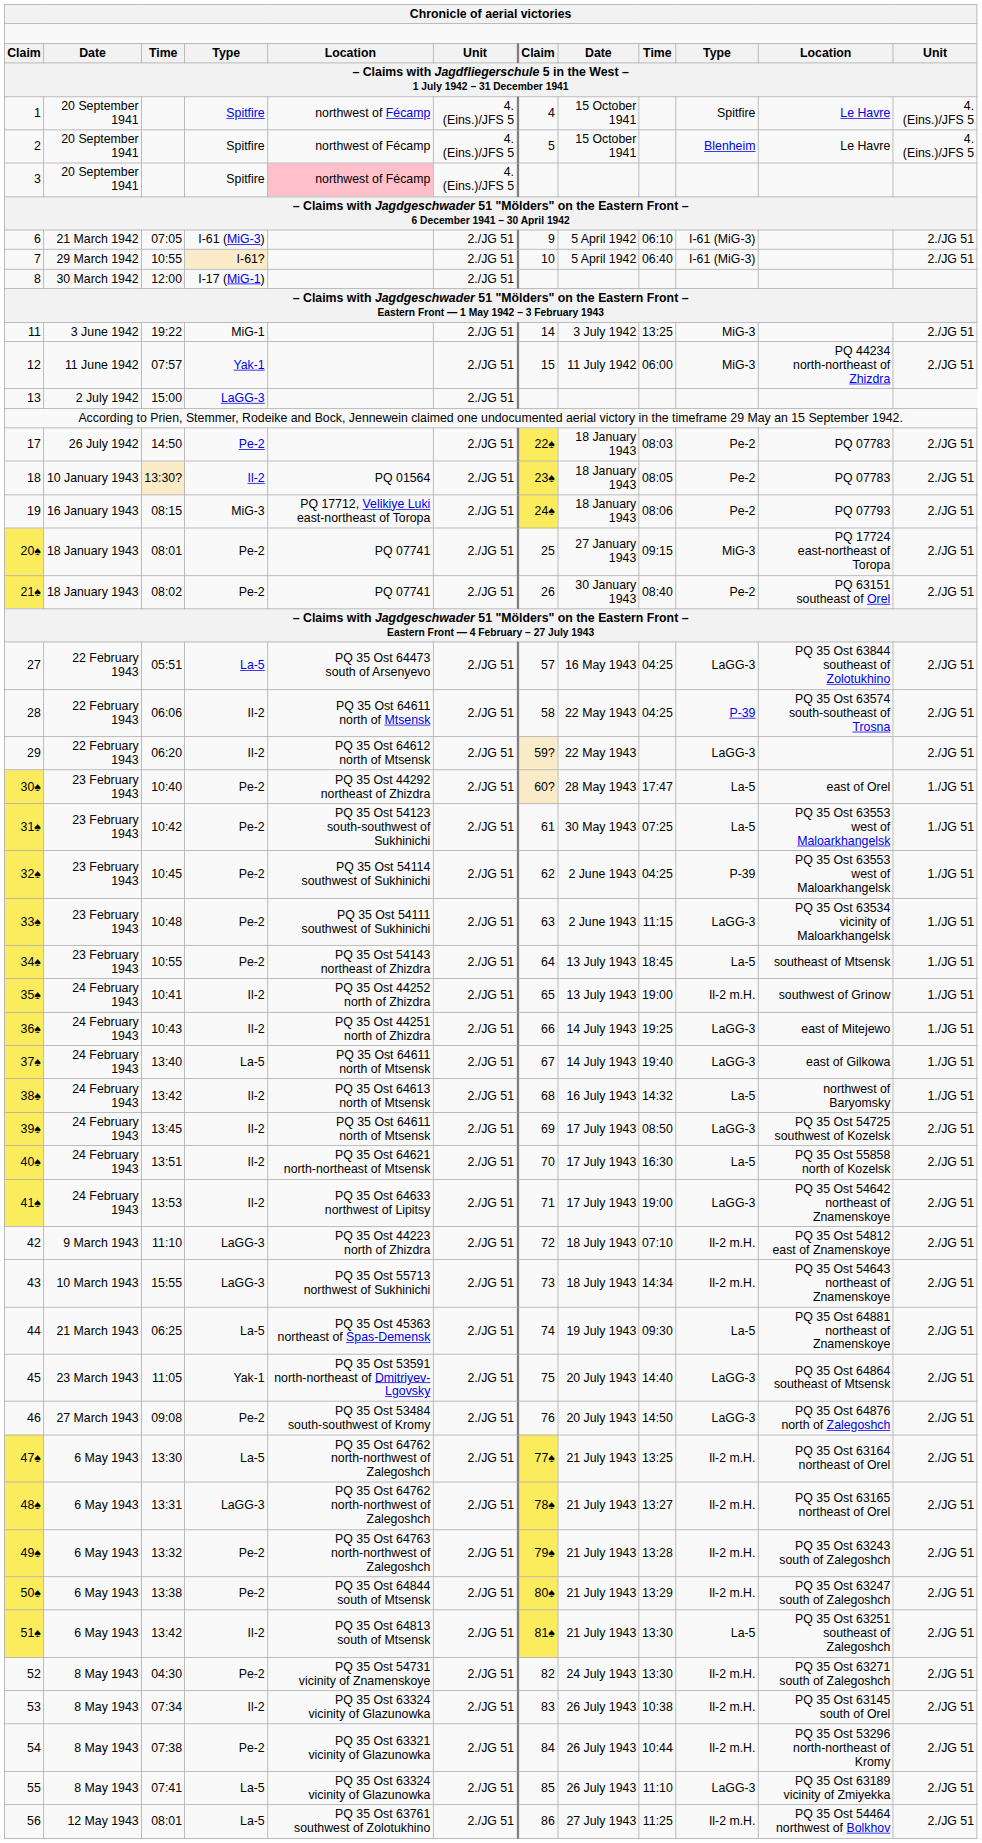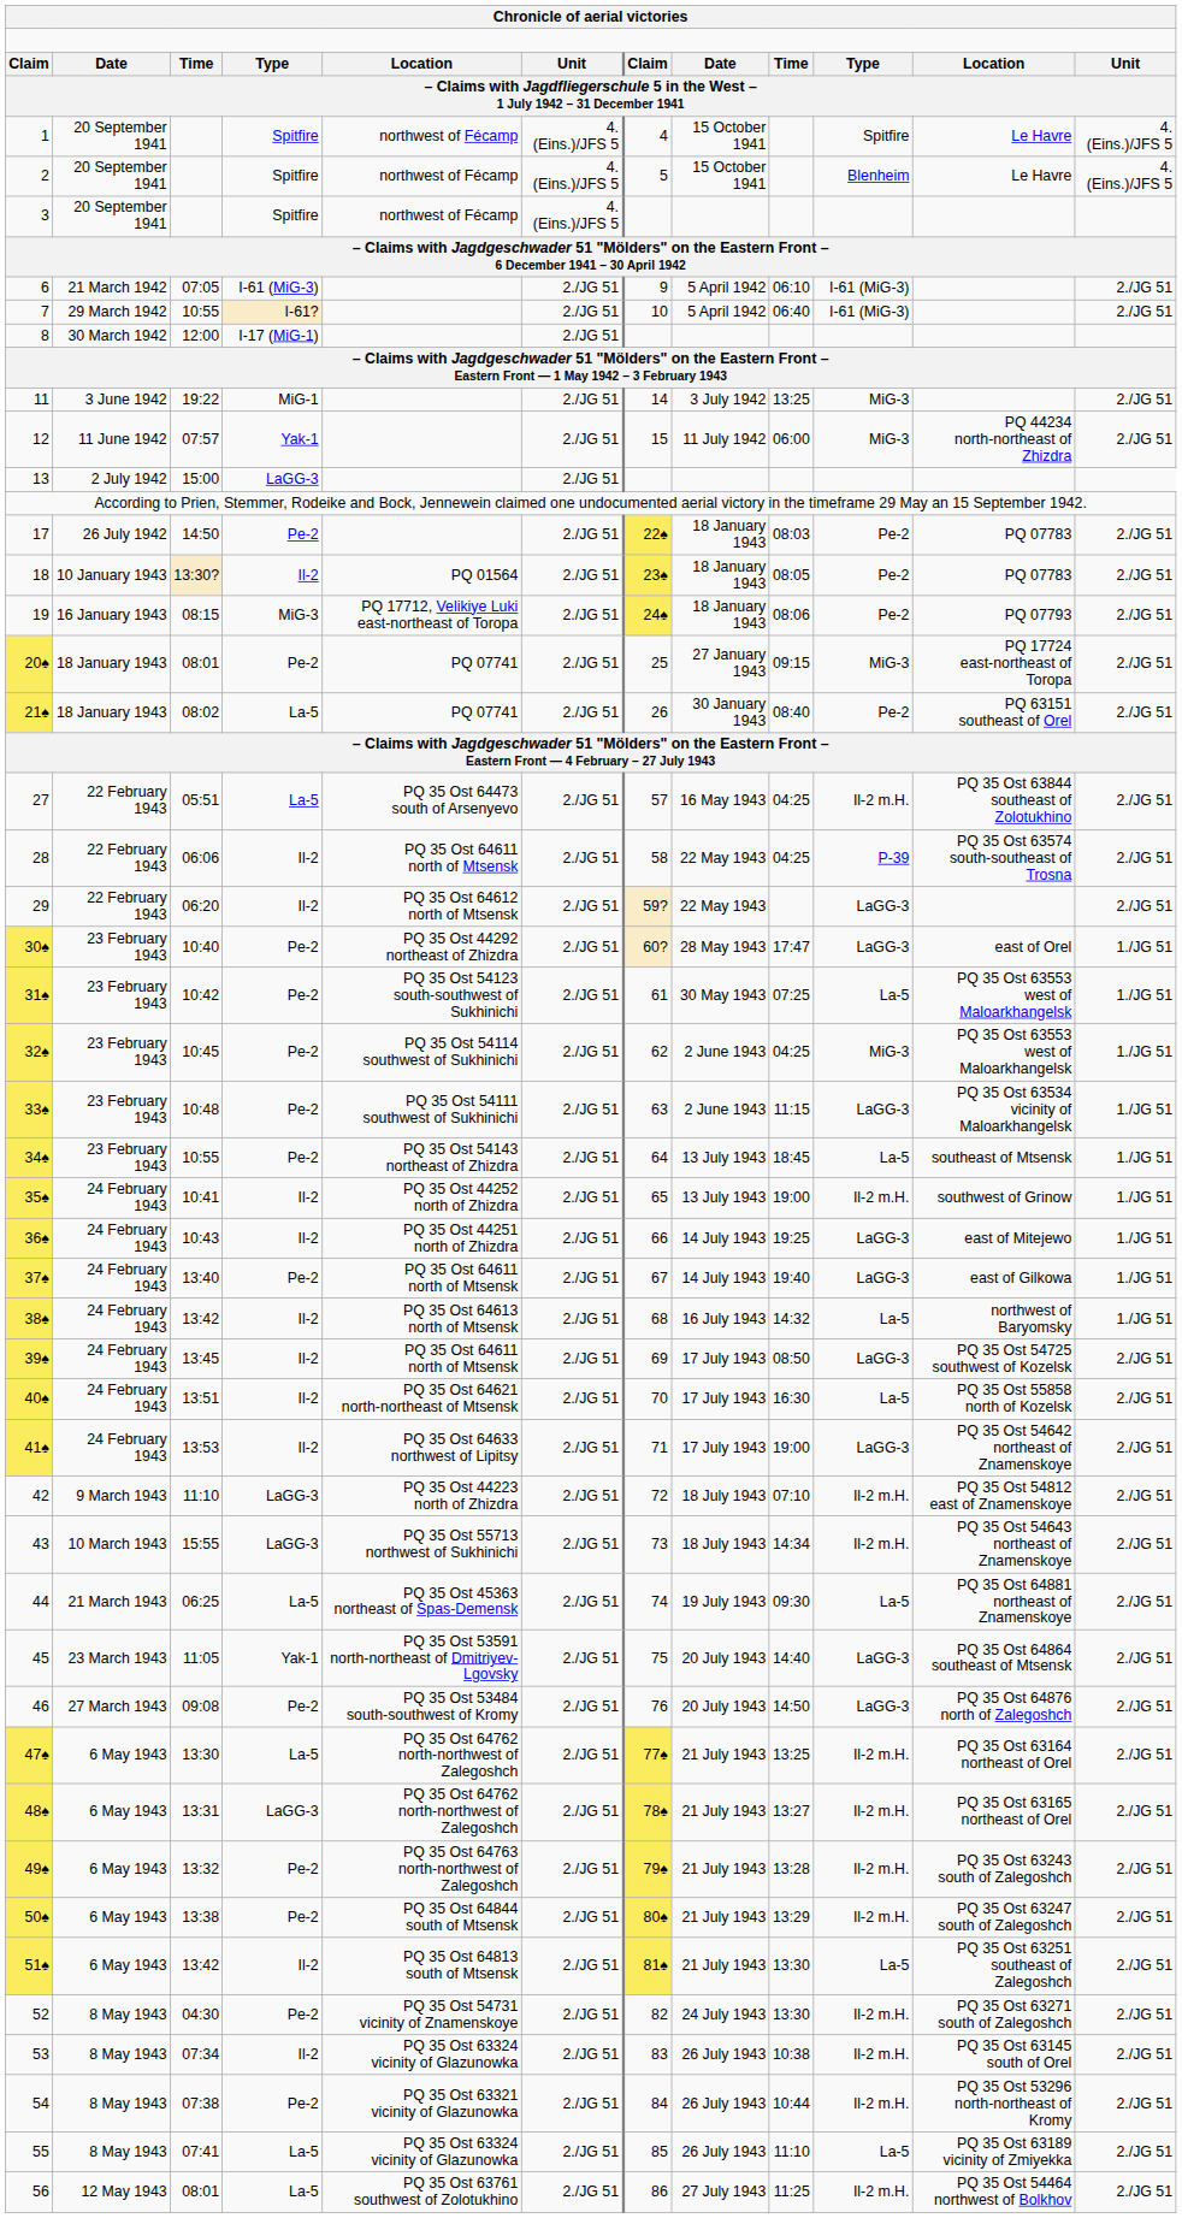 <table class="wikitable plainrowheaders collapsible" style="margin-left: auto; margin-right: auto; border: none; text-align:right; width: 100%;">
 <tr>
 <th colspan="12">Chronicle of aerial victories</th>
 </tr>
 <tr>
 <td colspan="12" style="text-align: left;"><br> </td>
 </tr>
 <tr>
 <th scope="col">Claim</th>
 <th scope="col">Date</th>
 <th scope="col">Time</th>
 <th scope="col" width="100px">Type</th>
 <th scope="col">Location</th>
 <th scope="col">Unit</th>
 <th scope="col" style="border-left: 3px solid grey;">Claim</th>
 <th scope="col">Date</th>
 <th scope="col">Time</th>
 <th scope="col" width="100px">Type</th>
 <th scope="col">Location</th>
 <th scope="col">Unit</th>
 </tr>
 <tr>
 <th colspan="12">– Claims with <em>Jagdfliegerschule</em> 5 in the West –<br><small>1 July 1942 – 31 December 1941</small></th>
 </tr>
 <tr>
 <td>1</td>
 <td>20 September 1941</td>
 <td></td>
 <td><a href='#'>Spitfire</a></td>
 <td>northwest of <a href='#'>Fécamp</a></td>
 <td>4.(Eins.)/JFS 5</td>
 <td style="border-left: 3px solid grey;">4</td>
 <td>15 October 1941</td>
 <td></td>
 <td>Spitfire</td>
 <td><a href='#'>Le Havre</a></td>
 <td>4.(Eins.)/JFS 5</td>
 </tr>
 <tr>
 <td>2</td>
 <td>20 September 1941</td>
 <td></td>
 <td>Spitfire</td>
 <td>northwest of Fécamp</td>
 <td>4.(Eins.)/JFS 5</td>
 <td style="border-left: 3px solid grey;">5</td>
 <td>15 October 1941</td>
 <td></td>
 <td><a href='#'>Blenheim</a></td>
 <td>Le Havre</td>
 <td>4.(Eins.)/JFS 5</td>
 </tr>
 <tr>
 <td>3</td>
 <td>20 September 1941</td>
 <td></td>
 <td>Spitfire</td>
-<td style="background: pink;">northwest of Fécamp</td>
+<td>northwest of Fécamp</td>
 <td>4.(Eins.)/JFS 5</td>
 <td style="border-left: 3px solid grey;"></td>
 <td></td>
 <td></td>
 <td></td>
 <td></td>
 <td></td>
 </tr>
 <tr>
 <th colspan="12">– Claims with <em>Jagdgeschwader</em> 51 "Mölders" on the Eastern Front –<br><small>6 December 1941 – 30 April 1942</small></th>
 </tr>
 <tr>
 <td>6</td>
 <td>21 March 1942</td>
 <td>07:05</td>
 <td>I-61 (<a href='#'>MiG-3</a>)</td>
 <td></td>
 <td>2./JG 51</td>
 <td style="border-left: 3px solid grey;">9</td>
 <td>5 April 1942</td>
 <td>06:10</td>
 <td>I-61 (MiG-3)</td>
 <td></td>
 <td>2./JG 51</td>
 </tr>
 <tr>
 <td>7</td>
 <td>29 March 1942</td>
 <td>10:55</td>
 <td style="background:#faecc8">I-61?</td>
 <td></td>
 <td>2./JG 51</td>
 <td style="border-left: 3px solid grey;">10</td>
 <td>5 April 1942</td>
 <td>06:40</td>
 <td>I-61 (MiG-3)</td>
 <td></td>
 <td>2./JG 51</td>
 </tr>
 <tr>
 <td>8</td>
 <td>30 March 1942</td>
 <td>12:00</td>
 <td>I-17 (<a href='#'>MiG-1</a>)</td>
 <td></td>
 <td>2./JG 51</td>
 <td style="border-left: 3px solid grey;"></td>
 <td></td>
 <td></td>
 <td></td>
 <td></td>
 <td></td>
 </tr>
 <tr>
 <th colspan="12">– Claims with <em>Jagdgeschwader</em> 51 "Mölders" on the Eastern Front –<br><small>Eastern Front — 1 May 1942 – 3 February 1943</small></th>
 </tr>
 <tr>
 <td>11</td>
 <td>3 June 1942</td>
 <td>19:22</td>
 <td>MiG-1</td>
 <td></td>
 <td>2./JG 51</td>
 <td style="border-left: 3px solid grey;">14</td>
 <td>3 July 1942</td>
 <td>13:25</td>
 <td>MiG-3</td>
 <td></td>
 <td>2./JG 51</td>
 </tr>
 <tr>
 <td>12</td>
 <td>11 June 1942</td>
 <td>07:57</td>
 <td><a href='#'>Yak-1</a></td>
 <td></td>
 <td>2./JG 51</td>
 <td style="border-left: 3px solid grey;">15</td>
 <td>11 July 1942</td>
 <td>06:00</td>
 <td>MiG-3</td>
 <td>PQ 44234<br> north-northeast of <a href='#'>Zhizdra</a></td>
 <td>2./JG 51</td>
 </tr>
 <tr>
 <td>13</td>
 <td>2 July 1942</td>
 <td>15:00</td>
 <td><a href='#'>LaGG-3</a></td>
 <td></td>
 <td>2./JG 51</td>
 <td style="border-left: 3px solid grey;"></td>
 <td></td>
 <td></td>
 <td></td>
 <td></td>
 </tr>
 <tr>
 <td colspan="12" style="text-align: center">According to Prien, Stemmer, Rodeike and Bock, Jennewein claimed one undocumented aerial victory in the timeframe 29 May an 15 September 1942.</td>
 </tr>
 <tr>
 <td>17</td>
 <td>26 July 1942</td>
 <td>14:50</td>
 <td><a href='#'>Pe-2</a></td>
 <td></td>
 <td>2./JG 51</td>
 <td style="border-left: 3px solid grey; background:#fbec5d;">22♠</td>
 <td>18 January 1943</td>
 <td>08:03</td>
 <td>Pe-2</td>
 <td>PQ 07783</td>
 <td>2./JG 51</td>
 </tr>
 <tr>
 <td>18</td>
 <td>10 January 1943</td>
 <td style="background:#faecc8">13:30?</td>
 <td><a href='#'>Il-2</a></td>
 <td>PQ 01564</td>
 <td>2./JG 51</td>
 <td style="border-left: 3px solid grey; background:#fbec5d;">23♠</td>
 <td>18 January 1943</td>
 <td>08:05</td>
 <td>Pe-2</td>
 <td>PQ 07783</td>
 <td>2./JG 51</td>
 </tr>
 <tr>
 <td>19</td>
 <td>16 January 1943</td>
 <td>08:15</td>
 <td>MiG-3</td>
 <td>PQ 17712, <a href='#'>Velikiye Luki</a><br> east-northeast of Toropa</td>
 <td>2./JG 51</td>
 <td style="border-left: 3px solid grey; background:#fbec5d;">24♠</td>
 <td>18 January 1943</td>
 <td>08:06</td>
 <td>Pe-2</td>
 <td>PQ 07793</td>
 <td>2./JG 51</td>
 </tr>
 <tr>
 <td style="background:#fbec5d;">20♠</td>
 <td>18 January 1943</td>
 <td>08:01</td>
 <td>Pe-2</td>
 <td>PQ 07741</td>
 <td>2./JG 51</td>
 <td style="border-left: 3px solid grey;">25</td>
 <td>27 January 1943</td>
 <td>09:15</td>
 <td>MiG-3</td>
 <td>PQ 17724<br> east-northeast of Toropa</td>
 <td>2./JG 51</td>
 </tr>
 <tr>
 <td style="background:#fbec5d;">21♠</td>
 <td>18 January 1943</td>
 <td>08:02</td>
-<td>Pe-2</td>
+<td>La-5</td>
 <td>PQ 07741</td>
 <td>2./JG 51</td>
 <td style="border-left: 3px solid grey;">26</td>
 <td>30 January 1943</td>
 <td>08:40</td>
 <td>Pe-2</td>
 <td>PQ 63151<br> southeast of <a href='#'>Orel</a></td>
 <td>2./JG 51</td>
 </tr>
 <tr>
 <th colspan="12">– Claims with <em>Jagdgeschwader</em> 51 "Mölders" on the Eastern Front –<br><small>Eastern Front — 4 February – 27 July 1943</small></th>
 </tr>
 <tr>
 <td>27</td>
 <td>22 February 1943</td>
 <td>05:51</td>
 <td><a href='#'>La-5</a></td>
 <td>PQ 35 Ost 64473<br> south of Arsenyevo</td>
 <td>2./JG 51</td>
 <td style="border-left: 3px solid grey;">57</td>
 <td>16 May 1943</td>
 <td>04:25</td>
-<td>LaGG-3</td>
+<td>Il-2 m.H.</td>
 <td>PQ 35 Ost 63844<br> southeast of <a href='#'>Zolotukhino</a></td>
 <td>2./JG 51</td>
 </tr>
 <tr>
 <td>28</td>
 <td>22 February 1943</td>
 <td>06:06</td>
 <td>Il-2</td>
 <td>PQ 35 Ost 64611<br> north of <a href='#'>Mtsensk</a></td>
 <td>2./JG 51</td>
 <td style="border-left: 3px solid grey;">58</td>
 <td>22 May 1943</td>
 <td>04:25</td>
 <td><a href='#'>P-39</a></td>
 <td>PQ 35 Ost 63574<br> south-southeast of <a href='#'>Trosna</a></td>
 <td>2./JG 51</td>
 </tr>
 <tr>
 <td>29</td>
 <td>22 February 1943</td>
 <td>06:20</td>
 <td>Il-2</td>
 <td>PQ 35 Ost 64612<br> north of Mtsensk</td>
 <td>2./JG 51</td>
 <td style="border-left: 3px solid grey; background:#faecc8">59?</td>
 <td>22 May 1943</td>
 <td></td>
 <td>LaGG-3</td>
 <td></td>
 <td>2./JG 51</td>
 </tr>
 <tr>
 <td style="background:#fbec5d;">30♠</td>
 <td>23 February 1943</td>
 <td>10:40</td>
 <td>Pe-2</td>
 <td>PQ 35 Ost 44292<br> northeast of Zhizdra</td>
 <td>2./JG 51</td>
 <td style="border-left: 3px solid grey; background:#faecc8">60?</td>
 <td>28 May 1943</td>
 <td>17:47</td>
-<td>La-5</td>
+<td>LaGG-3</td>
 <td>east of Orel</td>
 <td>1./JG 51</td>
 </tr>
 <tr>
 <td style="background:#fbec5d;">31♠</td>
 <td>23 February 1943</td>
 <td>10:42</td>
 <td>Pe-2</td>
 <td>PQ 35 Ost 54123<br> south-southwest of Sukhinichi</td>
 <td>2./JG 51</td>
 <td style="border-left: 3px solid grey;">61</td>
 <td>30 May 1943</td>
 <td>07:25</td>
 <td>La-5</td>
 <td>PQ 35 Ost 63553<br> west of <a href='#'>Maloarkhangelsk</a></td>
 <td>1./JG 51</td>
 </tr>
 <tr>
 <td style="background:#fbec5d;">32♠</td>
 <td>23 February 1943</td>
 <td>10:45</td>
 <td>Pe-2</td>
 <td>PQ 35 Ost 54114<br> southwest of Sukhinichi</td>
 <td>2./JG 51</td>
 <td style="border-left: 3px solid grey;">62</td>
 <td>2 June 1943</td>
 <td>04:25</td>
-<td>P-39</td>
+<td>MiG-3</td>
 <td>PQ 35 Ost 63553<br> west of Maloarkhangelsk</td>
 <td>1./JG 51</td>
 </tr>
 <tr>
 <td style="background:#fbec5d;">33♠</td>
 <td>23 February 1943</td>
 <td>10:48</td>
 <td>Pe-2</td>
 <td>PQ 35 Ost 54111<br> southwest of Sukhinichi</td>
 <td>2./JG 51</td>
 <td style="border-left: 3px solid grey;">63</td>
 <td>2 June 1943</td>
 <td>11:15</td>
 <td>LaGG-3</td>
 <td>PQ 35 Ost 63534<br>vicinity of Maloarkhangelsk</td>
 <td>1./JG 51</td>
 </tr>
 <tr>
 <td style="background:#fbec5d;">34♠</td>
 <td>23 February 1943</td>
 <td>10:55</td>
 <td>Pe-2</td>
 <td>PQ 35 Ost 54143<br> northeast of Zhizdra</td>
 <td>2./JG 51</td>
 <td style="border-left: 3px solid grey;">64</td>
 <td>13 July 1943</td>
 <td>18:45</td>
 <td>La-5</td>
 <td>southeast of Mtsensk</td>
 <td>1./JG 51</td>
 </tr>
 <tr>
 <td style="background:#fbec5d;">35♠</td>
 <td>24 February 1943</td>
 <td>10:41</td>
 <td>Il-2</td>
 <td>PQ 35 Ost 44252<br> north of Zhizdra</td>
 <td>2./JG 51</td>
 <td style="border-left: 3px solid grey;">65</td>
 <td>13 July 1943</td>
 <td>19:00</td>
 <td>Il-2 m.H.</td>
 <td>southwest of Grinow</td>
 <td>1./JG 51</td>
 </tr>
 <tr>
 <td style="background:#fbec5d;">36♠</td>
 <td>24 February 1943</td>
 <td>10:43</td>
 <td>Il-2</td>
 <td>PQ 35 Ost 44251<br> north of Zhizdra</td>
 <td>2./JG 51</td>
 <td style="border-left: 3px solid grey;">66</td>
 <td>14 July 1943</td>
 <td>19:25</td>
 <td>LaGG-3</td>
 <td>east of Mitejewo</td>
 <td>1./JG 51</td>
 </tr>
 <tr>
 <td style="background:#fbec5d;">37♠</td>
 <td>24 February 1943</td>
 <td>13:40</td>
-<td>La-5</td>
+<td>Pe-2</td>
 <td>PQ 35 Ost 64611<br> north of Mtsensk</td>
 <td>2./JG 51</td>
 <td style="border-left: 3px solid grey;">67</td>
 <td>14 July 1943</td>
 <td>19:40</td>
 <td>LaGG-3</td>
 <td>east of Gilkowa</td>
 <td>1./JG 51</td>
 </tr>
 <tr>
 <td style="background:#fbec5d;">38♠</td>
 <td>24 February 1943</td>
 <td>13:42</td>
 <td>Il-2</td>
 <td>PQ 35 Ost 64613<br> north of Mtsensk</td>
 <td>2./JG 51</td>
 <td style="border-left: 3px solid grey;">68</td>
 <td>16 July 1943</td>
 <td>14:32</td>
 <td>La-5</td>
 <td>northwest of Baryomsky</td>
 <td>1./JG 51</td>
 </tr>
 <tr>
 <td style="background:#fbec5d;">39♠</td>
 <td>24 February 1943</td>
 <td>13:45</td>
 <td>Il-2</td>
 <td>PQ 35 Ost 64611<br> north of Mtsensk</td>
 <td>2./JG 51</td>
 <td style="border-left: 3px solid grey;">69</td>
 <td>17 July 1943</td>
 <td>08:50</td>
 <td>LaGG-3</td>
 <td>PQ 35 Ost 54725<br> southwest of Kozelsk</td>
 <td>2./JG 51</td>
 </tr>
 <tr>
 <td style="background:#fbec5d;">40♠</td>
 <td>24 February 1943</td>
 <td>13:51</td>
 <td>Il-2</td>
 <td>PQ 35 Ost 64621<br> north-northeast of Mtsensk</td>
 <td>2./JG 51</td>
 <td style="border-left: 3px solid grey;">70</td>
 <td>17 July 1943</td>
 <td>16:30</td>
 <td>La-5</td>
 <td>PQ 35 Ost 55858<br> north of Kozelsk</td>
 <td>2./JG 51</td>
 </tr>
 <tr>
 <td style="background:#fbec5d;">41♠</td>
 <td>24 February 1943</td>
 <td>13:53</td>
 <td>Il-2</td>
 <td>PQ 35 Ost 64633<br> northwest of Lipitsy</td>
 <td>2./JG 51</td>
 <td style="border-left: 3px solid grey;">71</td>
 <td>17 July 1943</td>
 <td>19:00</td>
 <td>LaGG-3</td>
 <td>PQ 35 Ost 54642<br> northeast of Znamenskoye</td>
 <td>2./JG 51</td>
 </tr>
 <tr>
 <td>42</td>
 <td>9 March 1943</td>
 <td>11:10</td>
 <td>LaGG-3</td>
 <td>PQ 35 Ost 44223<br> north of Zhizdra</td>
 <td>2./JG 51</td>
 <td style="border-left: 3px solid grey;">72</td>
 <td>18 July 1943</td>
 <td>07:10</td>
 <td>Il-2 m.H.</td>
 <td>PQ 35 Ost 54812<br> east of Znamenskoye</td>
 <td>2./JG 51</td>
 </tr>
 <tr>
 <td>43</td>
 <td>10 March 1943</td>
 <td>15:55</td>
 <td>LaGG-3</td>
 <td>PQ 35 Ost 55713<br> northwest of Sukhinichi</td>
 <td>2./JG 51</td>
 <td style="border-left: 3px solid grey;">73</td>
 <td>18 July 1943</td>
 <td>14:34</td>
 <td>Il-2 m.H.</td>
 <td>PQ 35 Ost 54643<br> northeast of Znamenskoye</td>
 <td>2./JG 51</td>
 </tr>
 <tr>
 <td>44</td>
 <td>21 March 1943</td>
 <td>06:25</td>
 <td>La-5</td>
 <td>PQ 35 Ost 45363<br> northeast of <a href='#'>Spas-Demensk</a></td>
 <td>2./JG 51</td>
 <td style="border-left: 3px solid grey;">74</td>
 <td>19 July 1943</td>
 <td>09:30</td>
 <td>La-5</td>
 <td>PQ 35 Ost 64881<br> northeast of Znamenskoye</td>
 <td>2./JG 51</td>
 </tr>
 <tr>
 <td>45</td>
 <td>23 March 1943</td>
 <td>11:05</td>
 <td>Yak-1</td>
 <td>PQ 35 Ost 53591<br> north-northeast of <a href='#'>Dmitriyev-Lgovsky</a></td>
 <td>2./JG 51</td>
 <td style="border-left: 3px solid grey;">75</td>
 <td>20 July 1943</td>
 <td>14:40</td>
 <td>LaGG-3</td>
 <td>PQ 35 Ost 64864<br> southeast of Mtsensk</td>
 <td>2./JG 51</td>
 </tr>
 <tr>
 <td>46</td>
 <td>27 March 1943</td>
 <td>09:08</td>
 <td>Pe-2</td>
 <td>PQ 35 Ost 53484<br> south-southwest of Kromy</td>
 <td>2./JG 51</td>
 <td style="border-left: 3px solid grey;">76</td>
 <td>20 July 1943</td>
 <td>14:50</td>
 <td>LaGG-3</td>
 <td>PQ 35 Ost 64876<br> north of <a href='#'>Zalegoshch</a></td>
 <td>2./JG 51</td>
 </tr>
 <tr>
 <td style="background:#fbec5d;">47♠</td>
 <td>6 May 1943</td>
 <td>13:30</td>
 <td>La-5</td>
 <td>PQ 35 Ost 64762<br> north-northwest of Zalegoshch</td>
 <td>2./JG 51</td>
 <td style="border-left: 3px solid grey; background:#fbec5d;">77♠</td>
 <td>21 July 1943</td>
 <td>13:25</td>
 <td>Il-2 m.H.</td>
 <td>PQ 35 Ost 63164<br> northeast of Orel</td>
 <td>2./JG 51</td>
 </tr>
 <tr>
 <td style="background:#fbec5d;">48♠</td>
 <td>6 May 1943</td>
 <td>13:31</td>
 <td>LaGG-3</td>
 <td>PQ 35 Ost 64762<br> north-northwest of Zalegoshch</td>
 <td>2./JG 51</td>
 <td style="border-left: 3px solid grey; background:#fbec5d;">78♠</td>
 <td>21 July 1943</td>
 <td>13:27</td>
 <td>Il-2 m.H.</td>
 <td>PQ 35 Ost 63165<br> northeast of Orel</td>
 <td>2./JG 51</td>
 </tr>
 <tr>
 <td style="background:#fbec5d;">49♠</td>
 <td>6 May 1943</td>
 <td>13:32</td>
 <td>Pe-2</td>
 <td>PQ 35 Ost 64763<br> north-northwest of Zalegoshch</td>
 <td>2./JG 51</td>
 <td style="border-left: 3px solid grey; background:#fbec5d;">79♠</td>
 <td>21 July 1943</td>
 <td>13:28</td>
 <td>Il-2 m.H.</td>
 <td>PQ 35 Ost 63243<br> south of Zalegoshch</td>
 <td>2./JG 51</td>
 </tr>
 <tr>
 <td style="background:#fbec5d;">50♠</td>
 <td>6 May 1943</td>
 <td>13:38</td>
 <td>Pe-2</td>
 <td>PQ 35 Ost 64844<br> south of Mtsensk</td>
 <td>2./JG 51</td>
 <td style="border-left: 3px solid grey; background:#fbec5d;">80♠</td>
 <td>21 July 1943</td>
 <td>13:29</td>
 <td>Il-2 m.H.</td>
 <td>PQ 35 Ost 63247<br> south of Zalegoshch</td>
 <td>2./JG 51</td>
 </tr>
 <tr>
 <td style="background:#fbec5d;">51♠</td>
 <td>6 May 1943</td>
 <td>13:42</td>
 <td>Il-2</td>
 <td>PQ 35 Ost 64813<br> south of Mtsensk</td>
 <td>2./JG 51</td>
 <td style="border-left: 3px solid grey; background:#fbec5d;">81♠</td>
 <td>21 July 1943</td>
 <td>13:30</td>
 <td>La-5</td>
 <td>PQ 35 Ost 63251<br> southeast of Zalegoshch</td>
 <td>2./JG 51</td>
 </tr>
 <tr>
 <td>52</td>
 <td>8 May 1943</td>
 <td>04:30</td>
 <td>Pe-2</td>
 <td>PQ 35 Ost 54731<br>vicinity of Znamenskoye</td>
 <td>2./JG 51</td>
 <td style="border-left: 3px solid grey;">82</td>
 <td>24 July 1943</td>
 <td>13:30</td>
 <td>Il-2 m.H.</td>
 <td>PQ 35 Ost 63271<br> south of Zalegoshch</td>
 <td>2./JG 51</td>
 </tr>
 <tr>
 <td>53</td>
 <td>8 May 1943</td>
 <td>07:34</td>
 <td>Il-2</td>
 <td>PQ 35 Ost 63324<br>vicinity of Glazunowka</td>
 <td>2./JG 51</td>
 <td style="border-left: 3px solid grey;">83</td>
 <td>26 July 1943</td>
 <td>10:38</td>
 <td>Il-2 m.H.</td>
 <td>PQ 35 Ost 63145<br> south of Orel</td>
 <td>2./JG 51</td>
 </tr>
 <tr>
 <td>54</td>
 <td>8 May 1943</td>
 <td>07:38</td>
 <td>Pe-2</td>
 <td>PQ 35 Ost 63321<br>vicinity of Glazunowka</td>
 <td>2./JG 51</td>
 <td style="border-left: 3px solid grey;">84</td>
 <td>26 July 1943</td>
 <td>10:44</td>
 <td>Il-2 m.H.</td>
 <td>PQ 35 Ost 53296<br> north-northeast of Kromy</td>
 <td>2./JG 51</td>
 </tr>
 <tr>
 <td>55</td>
 <td>8 May 1943</td>
 <td>07:41</td>
 <td>La-5</td>
 <td>PQ 35 Ost 63324<br>vicinity of Glazunowka</td>
 <td>2./JG 51</td>
 <td style="border-left: 3px solid grey;">85</td>
 <td>26 July 1943</td>
 <td>11:10</td>
-<td>LaGG-3</td>
+<td>La-5</td>
 <td>PQ 35 Ost 63189<br>vicinity of Zmiyekka</td>
 <td>2./JG 51</td>
 </tr>
 <tr>
 <td>56</td>
 <td>12 May 1943</td>
 <td>08:01</td>
 <td>La-5</td>
 <td>PQ 35 Ost 63761<br> southwest of Zolotukhino</td>
 <td>2./JG 51</td>
 <td style="border-left: 3px solid grey;">86</td>
 <td>27 July 1943</td>
 <td>11:25</td>
 <td>Il-2 m.H.</td>
 <td>PQ 35 Ost 54464<br> northwest of <a href='#'>Bolkhov</a></td>
 <td>2./JG 51</td>
 </tr>
 </table>
